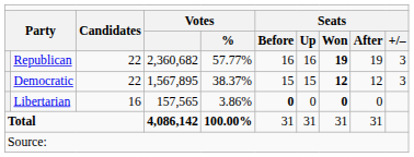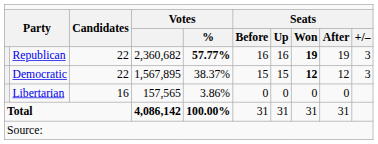 <table class="wikitable">
 <tr>
 <td colspan=15 align=center></td>
 </tr>
 <tr>
 <th rowspan="2" colspan="2">Party</th>
 <th rowspan="2">Candidates</th>
 <th colspan="2">Votes</th>
 <th colspan="5">Seats</th>
 </tr>
 <tr>
 <th></th>
 <th>%</th>
 <th>Before</th>
 <th>Up</th>
 <th>Won</th>
 <th>After</th>
 <th>+/–</th>
 </tr>
 <tr>
 <th style="background-color:"></th>
 <td><a href='#'>Republican</a></td>
 <td align="right">22</td>
 <td align="right">2,360,682</td>
-<td align="right">57.77%</td>
+<td align="right"><strong>57.77%</strong></td>
 <td align="right">16</td>
 <td align="right">16</td>
 <td align="right"><strong>19</strong></td>
 <td align="right">19</td>
 <td align="right">3</td>
 </tr>
 <tr>
 <th style="background-color:"></th>
 <td><a href='#'>Democratic</a></td>
 <td align="right">22</td>
 <td align="right">1,567,895</td>
 <td align="right">38.37%</td>
 <td align="right">15</td>
 <td align="right">15</td>
 <td align="right"><strong>12</strong></td>
 <td align="right">12</td>
 <td align="right">3</td>
 </tr>
 <tr>
 <th style="background-color:"></th>
 <td><a href='#'>Libertarian</a></td>
 <td align="right">16</td>
 <td align="right">157,565</td>
 <td align="right">3.86%</td>
-<td align="right"><strong>0</strong></td>
 <td align="right">0</td>
-<td align="right"><strong>0</strong></td>
+<td align="right">0</td>
+<td align="right">0</td>
 <td align="right">0</td>
 <td align="right"></td>
 </tr>
 <tr>
 <td colspan="3" align="left"><strong>Total</strong></td>
 <td align="right"><strong>4,086,142</strong></td>
 <td align="right"><strong>100.00%</strong></td>
 <td align="right">31</td>
 <td align="right">31</td>
 <td align="right">31</td>
 <td align="right">31</td>
 <td align="right"></td>
 </tr>
 <tr>
 <td colspan="10">Source:</td>
 </tr>
 </table>
